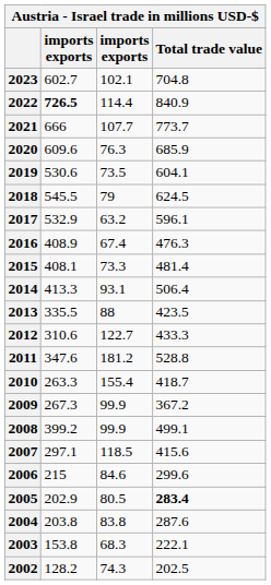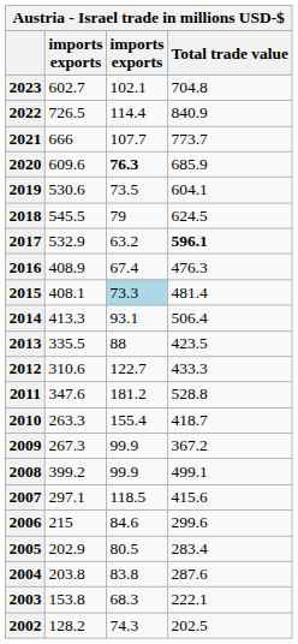 <table class="wikitable mw-collapsible mw-collapsed">
 <tr>
 <th colspan="4">Austria - Israel trade in millions USD-$</th>
 </tr>
 <tr>
 <th></th>
 <th> imports<br> exports</th>
 <th> imports<br> exports</th>
 <th>Total trade value</th>
 </tr>
 <tr>
 <th>2023</th>
 <td>602.7</td>
 <td>102.1</td>
 <td>704.8</td>
 </tr>
 <tr>
 <th>2022</th>
-<td><strong>726.5</strong></td>
+<td>726.5</td>
 <td>114.4</td>
 <td>840.9</td>
 </tr>
 <tr>
 <th>2021</th>
 <td>666</td>
 <td>107.7</td>
 <td>773.7</td>
 </tr>
 <tr>
 <th>2020</th>
 <td>609.6</td>
-<td>76.3</td>
+<td><strong>76.3</strong></td>
 <td>685.9</td>
 </tr>
 <tr>
 <th>2019</th>
 <td>530.6</td>
 <td>73.5</td>
 <td>604.1</td>
 </tr>
 <tr>
 <th>2018</th>
 <td>545.5</td>
 <td>79</td>
 <td>624.5</td>
 </tr>
 <tr>
 <th>2017</th>
 <td>532.9</td>
 <td>63.2</td>
-<td>596.1</td>
+<td><strong>596.1</strong></td>
 </tr>
 <tr>
 <th>2016</th>
 <td>408.9</td>
 <td>67.4</td>
 <td>476.3</td>
 </tr>
 <tr>
 <th>2015</th>
 <td>408.1</td>
-<td>73.3</td>
+<td style="background: lightblue;">73.3</td>
 <td>481.4</td>
 </tr>
 <tr>
 <th>2014</th>
 <td>413.3</td>
 <td>93.1</td>
 <td>506.4</td>
 </tr>
 <tr>
 <th>2013</th>
 <td>335.5</td>
 <td>88</td>
 <td>423.5</td>
 </tr>
 <tr>
 <th>2012</th>
 <td>310.6</td>
 <td>122.7</td>
 <td>433.3</td>
 </tr>
 <tr>
 <th>2011</th>
 <td>347.6</td>
 <td>181.2</td>
 <td>528.8</td>
 </tr>
 <tr>
 <th>2010</th>
 <td>263.3</td>
 <td>155.4</td>
 <td>418.7</td>
 </tr>
 <tr>
 <th>2009</th>
 <td>267.3</td>
 <td>99.9</td>
 <td>367.2</td>
 </tr>
 <tr>
 <th>2008</th>
 <td>399.2</td>
 <td>99.9</td>
 <td>499.1</td>
 </tr>
 <tr>
 <th>2007</th>
 <td>297.1</td>
 <td>118.5</td>
 <td>415.6</td>
 </tr>
 <tr>
 <th>2006</th>
 <td>215</td>
 <td>84.6</td>
 <td>299.6</td>
 </tr>
 <tr>
 <th>2005</th>
 <td>202.9</td>
 <td>80.5</td>
-<td><strong>283.4</strong></td>
+<td>283.4</td>
 </tr>
 <tr>
 <th>2004</th>
 <td>203.8</td>
 <td>83.8</td>
 <td>287.6</td>
 </tr>
 <tr>
 <th>2003</th>
 <td>153.8</td>
 <td>68.3</td>
 <td>222.1</td>
 </tr>
 <tr>
 <th>2002</th>
 <td>128.2</td>
 <td>74.3</td>
 <td>202.5</td>
 </tr>
 </table>
